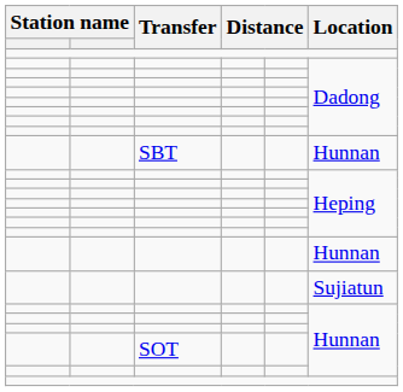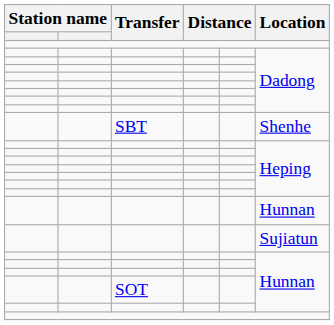 <table class="wikitable">
 <tr>
 <th colspan=2>Station name</th>
 <th rowspan=2>Transfer</th>
 <th colspan="2" rowspan="2">Distance<br></th>
 <th rowspan=2>Location</th>
 </tr>
 <tr>
 <th></th>
 <th></th>
 </tr>
 <tr style="background:#">
 <td colspan = "7"></td>
 </tr>
 <tr>
 <td></td>
 <td></td>
 <td></td>
 <td></td>
 <td></td>
 <td rowspan="8"><a href='#'>Dadong</a></td>
 </tr>
 <tr>
 <td></td>
 <td></td>
 <td></td>
 <td></td>
 <td></td>
 </tr>
 <tr>
 <td></td>
 <td></td>
 <td></td>
 <td></td>
 <td></td>
 </tr>
 <tr>
 <td></td>
 <td></td>
 <td></td>
 <td></td>
 <td></td>
 </tr>
 <tr>
 <td></td>
 <td></td>
 <td></td>
 <td></td>
 <td></td>
 </tr>
 <tr>
 <td></td>
 <td></td>
 <td></td>
 <td></td>
 <td></td>
 </tr>
 <tr>
 <td></td>
 <td></td>
 <td></td>
 <td></td>
 <td></td>
 </tr>
 <tr>
 <td></td>
 <td></td>
 <td></td>
 <td></td>
 <td></td>
 </tr>
 <tr>
 <td></td>
 <td></td>
 <td>  <a href='#'>SBT</a></td>
 <td></td>
 <td></td>
-<td><a href='#'>Hunnan</a></td>
+<td><a href='#'>Shenhe</a></td>
 </tr>
 <tr>
 <td></td>
 <td></td>
 <td></td>
 <td></td>
 <td></td>
 <td rowspan="7"><a href='#'>Heping</a></td>
 </tr>
 <tr>
 <td></td>
 <td></td>
 <td></td>
 <td></td>
 <td></td>
 </tr>
 <tr>
 <td></td>
 <td></td>
 <td></td>
 <td></td>
 <td></td>
 </tr>
 <tr>
 <td></td>
 <td></td>
 <td></td>
 <td></td>
 <td></td>
 </tr>
 <tr>
 <td></td>
 <td></td>
 <td></td>
 <td></td>
 <td></td>
 </tr>
 <tr>
 <td></td>
 <td></td>
 <td></td>
 <td></td>
 <td></td>
 </tr>
 <tr>
 <td></td>
 <td></td>
 <td></td>
 <td></td>
 <td></td>
 </tr>
 <tr>
 <td></td>
 <td></td>
 <td></td>
 <td></td>
 <td></td>
 <td><a href='#'>Hunnan</a></td>
 </tr>
 <tr>
 <td></td>
 <td></td>
 <td></td>
 <td></td>
 <td></td>
 <td><a href='#'>Sujiatun</a></td>
 </tr>
 <tr>
 <td></td>
 <td></td>
 <td></td>
 <td></td>
 <td></td>
 <td rowspan="5"><a href='#'>Hunnan</a></td>
 </tr>
 <tr>
 <td></td>
 <td></td>
 <td></td>
 <td></td>
 <td></td>
 </tr>
 <tr>
 <td></td>
 <td></td>
 <td></td>
 <td></td>
 <td></td>
 </tr>
 <tr>
 <td></td>
 <td></td>
 <td> <a href='#'>SOT</a></td>
 <td></td>
 <td></td>
 </tr>
 <tr>
 <td></td>
 <td></td>
 <td></td>
 <td></td>
 <td></td>
 </tr>
 <tr style="background:#">
 <td colspan = "7"></td>
 </tr>
 </table>
